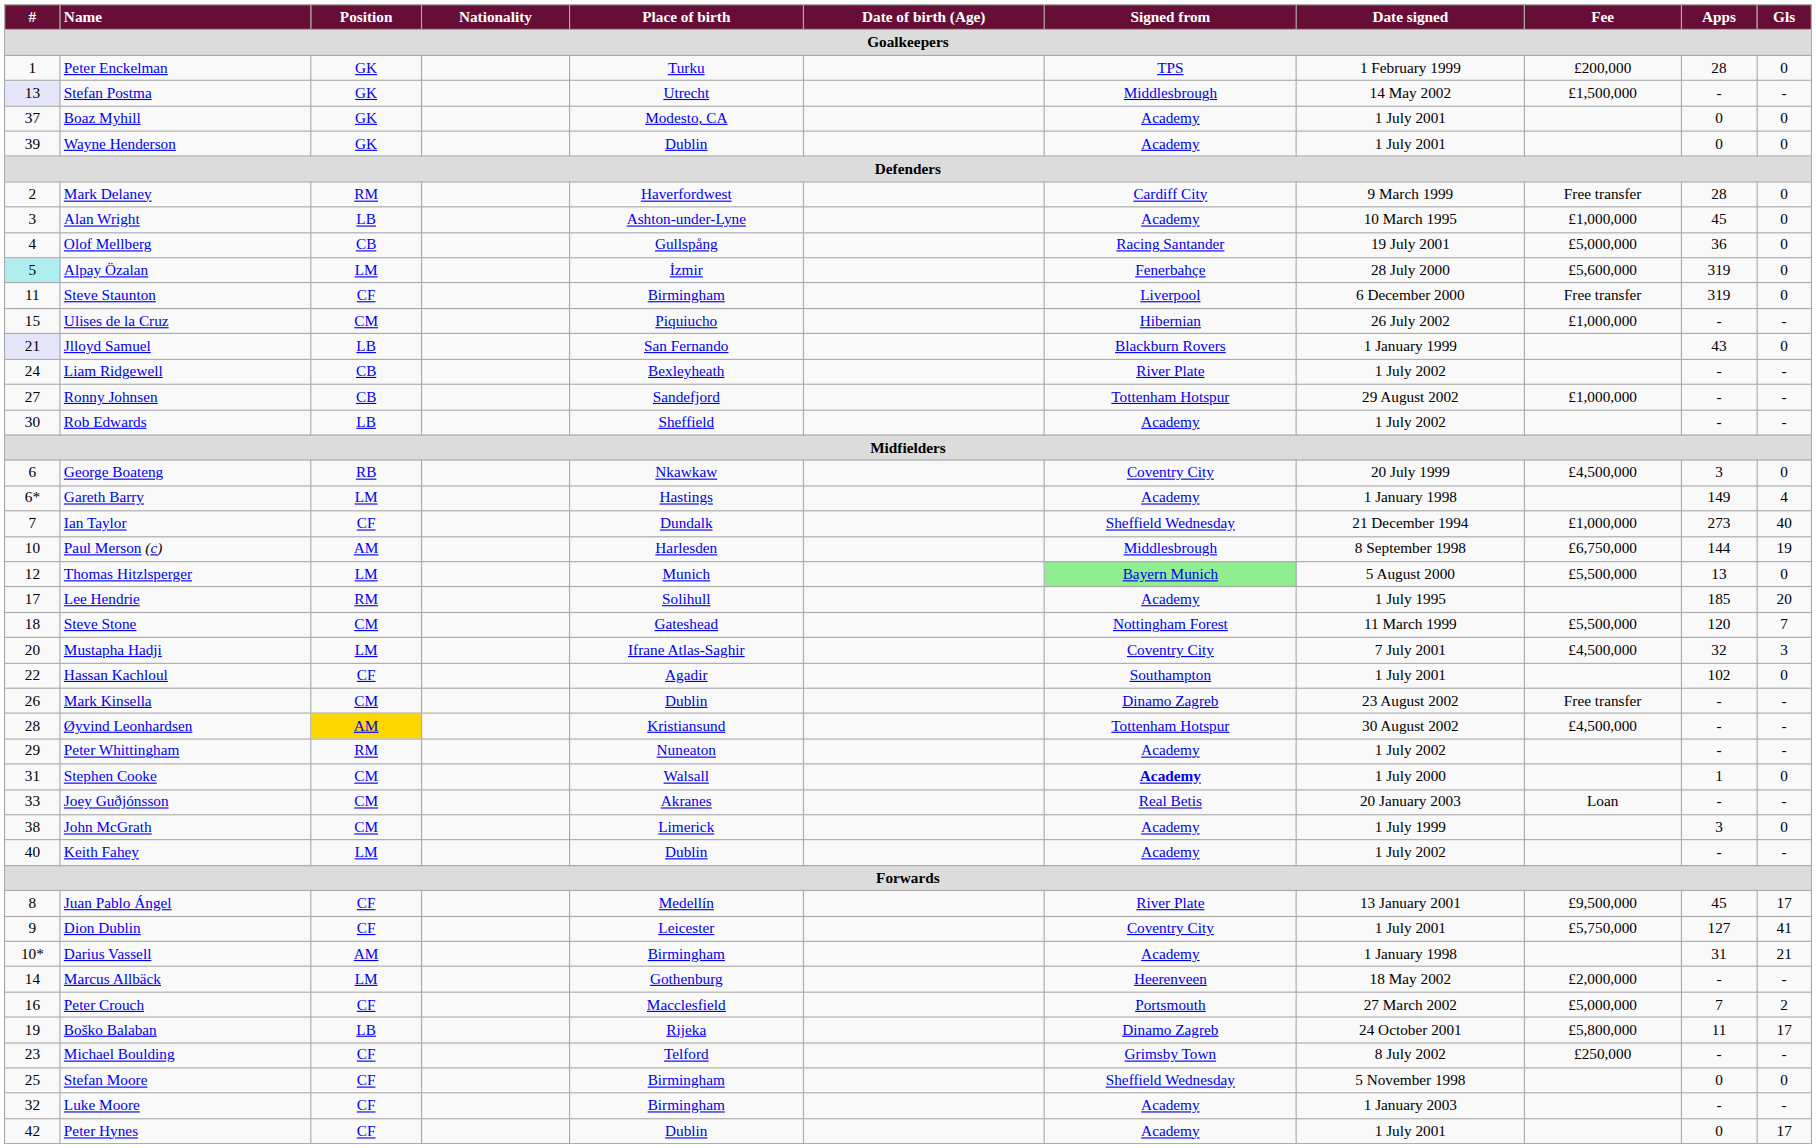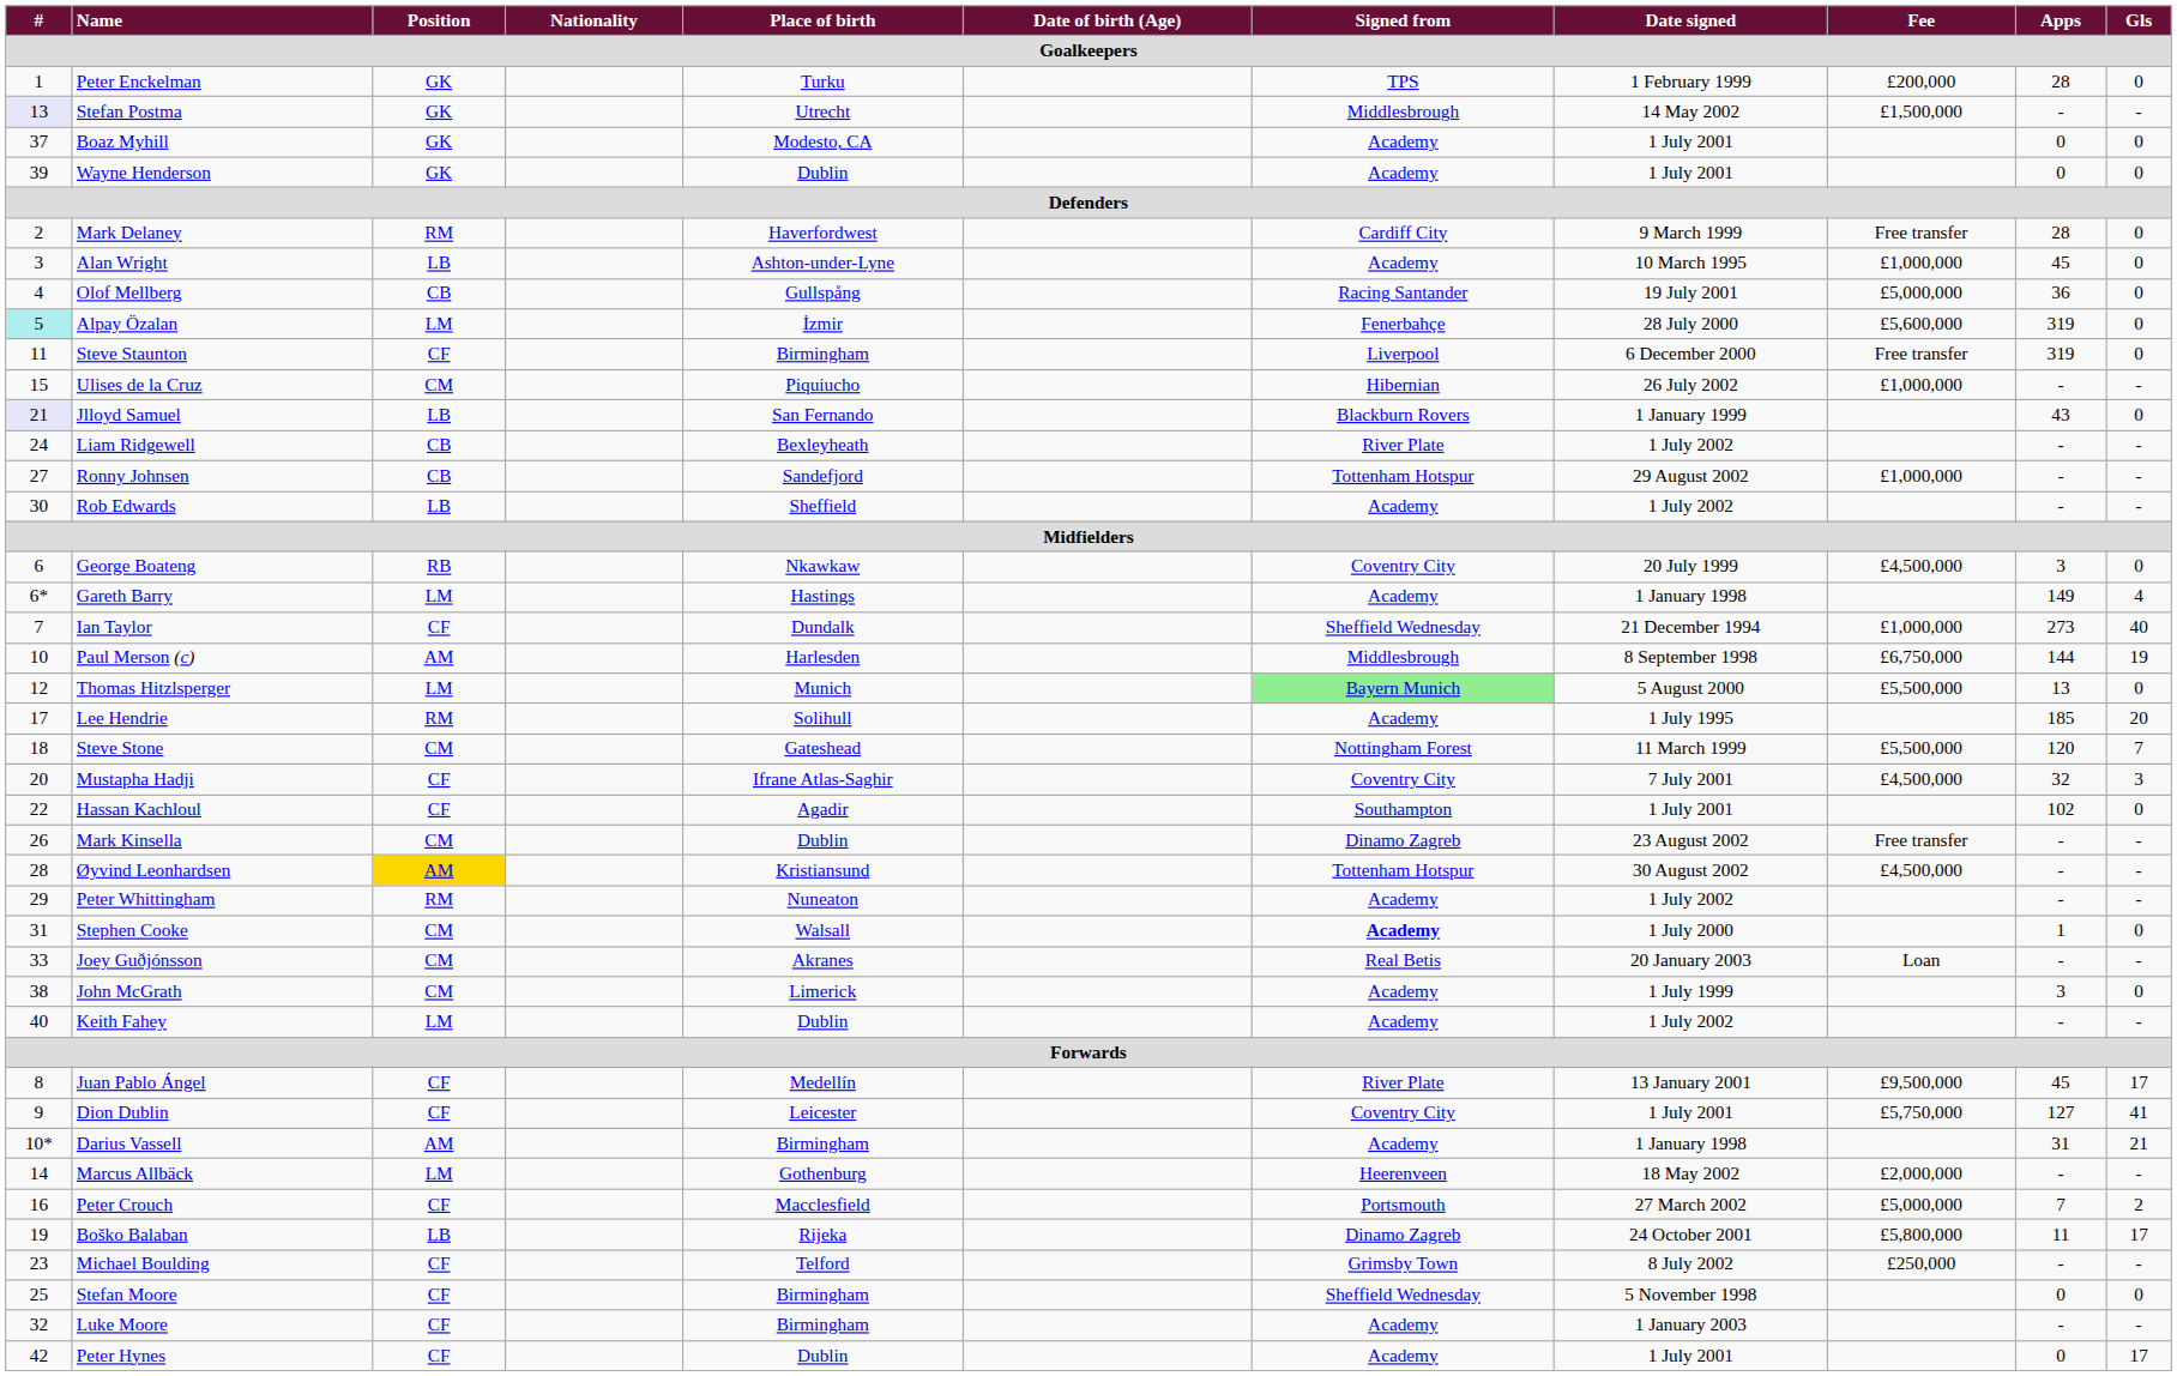 <table class="wikitable" style="text-align:center; font-size:84.5%; width:101%;">
 <tr>
 <th style="background:#670E36; color:#FFFFFF; text-align:center;">#</th>
 <th style="background:#670E36; color:#FFFFFF; text-align:left;">Name</th>
 <th style="background:#670E36; color:#FFFFFF; text-align:center;">Position</th>
 <th style="background:#670E36; color:#FFFFFF; text-align:center;">Nationality</th>
 <th style="background:#670E36; color:#FFFFFF; text-align:center;">Place of birth</th>
 <th style="background:#670E36; color:#FFFFFF; text-align:center;">Date of birth (Age)</th>
 <th style="background:#670E36; color:#FFFFFF; text-align:center;">Signed from</th>
 <th style="background:#670E36; color:#FFFFFF; text-align:center;">Date signed</th>
 <th style="background:#670E36; color:#FFFFFF; text-align:center;">Fee</th>
 <th style="background:#670E36; color:#FFFFFF; text-align:center;">Apps</th>
 <th style="background:#670E36; color:#FFFFFF; text-align:center;">Gls</th>
 </tr>
 <tr>
 <th colspan="11" style="background:#dcdcdc; tepxt-align:center;">Goalkeepers</th>
 </tr>
 <tr>
 <td>1</td>
 <td style="text-align:left;"><a href='#'>Peter Enckelman</a></td>
 <td><a href='#'>GK</a></td>
 <td></td>
 <td><a href='#'>Turku</a></td>
 <td></td>
 <td> <a href='#'>TPS</a></td>
 <td>1 February 1999</td>
 <td>£200,000</td>
 <td>28</td>
 <td>0</td>
 </tr>
 <tr>
 <td style="background: lavender;">13</td>
 <td style="text-align:left;"><a href='#'>Stefan Postma</a></td>
 <td><a href='#'>GK</a></td>
 <td></td>
 <td><a href='#'>Utrecht</a></td>
 <td></td>
 <td><a href='#'>Middlesbrough</a></td>
 <td>14 May 2002</td>
 <td>£1,500,000</td>
 <td>-</td>
 <td>-</td>
 </tr>
 <tr>
 <td>37</td>
 <td style="text-align:left;"><a href='#'>Boaz Myhill</a></td>
 <td><a href='#'>GK</a></td>
 <td></td>
 <td> <a href='#'>Modesto, CA</a></td>
 <td></td>
 <td><a href='#'>Academy</a></td>
 <td>1 July 2001</td>
 <td></td>
 <td>0</td>
 <td>0</td>
 </tr>
 <tr>
 <td>39</td>
 <td style="text-align:left;"><a href='#'>Wayne Henderson</a></td>
 <td><a href='#'>GK</a></td>
 <td></td>
 <td><a href='#'>Dublin</a></td>
 <td></td>
 <td><a href='#'>Academy</a></td>
 <td>1 July 2001</td>
 <td></td>
 <td>0</td>
 <td>0</td>
 </tr>
 <tr>
 <th colspan="11" style="background:#dcdcdc; tepxt-align:center;">Defenders</th>
 </tr>
 <tr>
 <td>2</td>
 <td style="text-align:left;"><a href='#'>Mark Delaney</a></td>
 <td><a href='#'>RM</a></td>
 <td></td>
 <td><a href='#'>Haverfordwest</a></td>
 <td></td>
 <td> <a href='#'>Cardiff City</a></td>
 <td>9 March 1999</td>
 <td>Free transfer</td>
 <td>28</td>
 <td>0</td>
 </tr>
 <tr>
 <td>3</td>
 <td style="text-align:left;"><a href='#'>Alan Wright</a></td>
 <td><a href='#'>LB</a></td>
 <td></td>
 <td><a href='#'>Ashton-under-Lyne</a></td>
 <td></td>
 <td><a href='#'>Academy</a></td>
 <td>10 March 1995</td>
 <td>£1,000,000</td>
 <td>45</td>
 <td>0</td>
 </tr>
 <tr>
 <td>4</td>
 <td style="text-align:left;"><a href='#'>Olof Mellberg</a></td>
 <td><a href='#'>CB</a></td>
 <td></td>
 <td><a href='#'>Gullspång</a></td>
 <td></td>
 <td> <a href='#'>Racing Santander</a></td>
 <td>19 July 2001</td>
 <td>£5,000,000</td>
 <td>36</td>
 <td>0</td>
 </tr>
 <tr>
 <td style="background: paleturquoise;">5</td>
 <td style="text-align:left;"><a href='#'>Alpay Özalan</a></td>
 <td><a href='#'>LM</a></td>
 <td></td>
 <td><a href='#'>İzmir</a></td>
 <td></td>
 <td> <a href='#'>Fenerbahçe</a></td>
 <td>28 July 2000</td>
 <td>£5,600,000</td>
 <td>319</td>
 <td>0</td>
 </tr>
 <tr>
 <td>11</td>
 <td style="text-align:left;"><a href='#'>Steve Staunton</a></td>
 <td><a href='#'>CF</a></td>
 <td></td>
 <td><a href='#'>Birmingham</a></td>
 <td></td>
 <td><a href='#'>Liverpool</a></td>
 <td>6 December 2000</td>
 <td>Free transfer</td>
 <td>319</td>
 <td>0</td>
 </tr>
 <tr>
 <td>15</td>
 <td style="text-align:left;"><a href='#'>Ulises de la Cruz</a></td>
 <td><a href='#'>CM</a></td>
 <td></td>
 <td><a href='#'>Piquiucho</a></td>
 <td></td>
 <td> <a href='#'>Hibernian</a></td>
 <td>26 July 2002</td>
 <td>£1,000,000</td>
 <td>-</td>
 <td>-</td>
 </tr>
 <tr>
 <td style="background: lavender;">21</td>
 <td style="text-align:left;"><a href='#'>Jlloyd Samuel</a></td>
 <td><a href='#'>LB</a></td>
 <td></td>
 <td><a href='#'>San Fernando</a></td>
 <td></td>
 <td><a href='#'>Blackburn Rovers</a></td>
 <td>1 January 1999</td>
 <td></td>
 <td>43</td>
 <td>0</td>
 </tr>
 <tr>
 <td>24</td>
 <td style="text-align:left;"><a href='#'>Liam Ridgewell</a></td>
 <td><a href='#'>CB</a></td>
 <td></td>
 <td><a href='#'>Bexleyheath</a></td>
 <td></td>
 <td> <a href='#'>River Plate</a></td>
 <td>1 July 2002</td>
 <td></td>
 <td>-</td>
 <td>-</td>
 </tr>
 <tr>
 <td>27</td>
 <td style="text-align:left;"><a href='#'>Ronny Johnsen</a></td>
 <td><a href='#'>CB</a></td>
 <td></td>
 <td><a href='#'>Sandefjord</a></td>
 <td></td>
 <td><a href='#'>Tottenham Hotspur</a></td>
 <td>29 August 2002</td>
 <td>£1,000,000</td>
 <td>-</td>
 <td>-</td>
 </tr>
 <tr>
 <td>30</td>
 <td style="text-align:left;"><a href='#'>Rob Edwards</a></td>
 <td><a href='#'>LB</a></td>
 <td></td>
 <td><a href='#'>Sheffield</a></td>
 <td></td>
 <td><a href='#'>Academy</a></td>
 <td>1 July 2002</td>
 <td></td>
 <td>-</td>
 <td>-</td>
 </tr>
 <tr>
 <th colspan="11" style="background:#dcdcdc; tepxt-align:center;">Midfielders</th>
 </tr>
 <tr>
 <td>6</td>
 <td style="text-align:left;"><a href='#'>George Boateng</a></td>
 <td><a href='#'>RB</a></td>
 <td></td>
 <td> <a href='#'>Nkawkaw</a></td>
 <td></td>
 <td><a href='#'>Coventry City</a></td>
 <td>20 July 1999</td>
 <td>£4,500,000</td>
 <td>3</td>
 <td>0</td>
 </tr>
 <tr>
 <td>6*</td>
 <td style="text-align:left;"><a href='#'>Gareth Barry</a></td>
 <td><a href='#'>LM</a></td>
 <td></td>
 <td><a href='#'>Hastings</a></td>
 <td></td>
 <td><a href='#'>Academy</a></td>
 <td>1 January 1998</td>
 <td></td>
 <td>149</td>
 <td>4</td>
 </tr>
 <tr>
 <td>7</td>
 <td style="text-align:left;"><a href='#'>Ian Taylor</a></td>
 <td><a href='#'>CF</a></td>
 <td></td>
 <td><a href='#'>Dundalk</a></td>
 <td></td>
 <td><a href='#'>Sheffield Wednesday</a></td>
 <td>21 December 1994</td>
 <td>£1,000,000</td>
 <td>273</td>
 <td>40</td>
 </tr>
 <tr>
 <td>10</td>
 <td style="text-align:left;"><a href='#'>Paul Merson</a> <em>(<a href='#'>c</a>)</em></td>
 <td><a href='#'>AM</a></td>
 <td></td>
 <td><a href='#'>Harlesden</a></td>
 <td></td>
 <td><a href='#'>Middlesbrough</a></td>
 <td>8 September 1998</td>
 <td>£6,750,000</td>
 <td>144</td>
 <td>19</td>
 </tr>
 <tr>
 <td>12</td>
 <td style="text-align:left;"><a href='#'>Thomas Hitzlsperger</a></td>
 <td><a href='#'>LM</a></td>
 <td></td>
 <td><a href='#'>Munich</a></td>
 <td></td>
 <td style="background: lightgreen;"> <a href='#'>Bayern Munich</a></td>
 <td>5 August 2000</td>
 <td>£5,500,000</td>
 <td>13</td>
 <td>0</td>
 </tr>
 <tr>
 <td>17</td>
 <td style="text-align:left;"><a href='#'>Lee Hendrie</a></td>
 <td><a href='#'>RM</a></td>
 <td></td>
 <td><a href='#'>Solihull</a></td>
 <td></td>
 <td><a href='#'>Academy</a></td>
 <td>1 July 1995</td>
 <td></td>
 <td>185</td>
 <td>20</td>
 </tr>
 <tr>
 <td>18</td>
 <td style="text-align:left;"><a href='#'>Steve Stone</a></td>
 <td><a href='#'>CM</a></td>
 <td></td>
 <td><a href='#'>Gateshead</a></td>
 <td></td>
 <td><a href='#'>Nottingham Forest</a></td>
 <td>11 March 1999</td>
 <td>£5,500,000</td>
 <td>120</td>
 <td>7</td>
 </tr>
 <tr>
 <td>20</td>
 <td style="text-align:left;"><a href='#'>Mustapha Hadji</a></td>
-<td><a href='#'>LM</a></td>
+<td><a href='#'>CF</a></td>
 <td></td>
 <td><a href='#'>Ifrane Atlas-Saghir</a></td>
 <td></td>
 <td><a href='#'>Coventry City</a></td>
 <td>7 July 2001</td>
 <td>£4,500,000</td>
 <td>32</td>
 <td>3</td>
 </tr>
 <tr>
 <td>22</td>
 <td style="text-align:left;"><a href='#'>Hassan Kachloul</a></td>
 <td><a href='#'>CF</a></td>
 <td></td>
 <td><a href='#'>Agadir</a></td>
 <td></td>
 <td><a href='#'>Southampton</a></td>
 <td>1 July 2001</td>
 <td></td>
 <td>102</td>
 <td>0</td>
 </tr>
 <tr>
 <td>26</td>
 <td style="text-align:left;"><a href='#'>Mark Kinsella</a></td>
 <td><a href='#'>CM</a></td>
 <td></td>
 <td><a href='#'>Dublin</a></td>
 <td></td>
 <td> <a href='#'>Dinamo Zagreb</a></td>
 <td>23 August 2002</td>
 <td>Free transfer</td>
 <td>-</td>
 <td>-</td>
 </tr>
 <tr>
 <td>28</td>
 <td style="text-align:left;"><a href='#'>Øyvind Leonhardsen</a></td>
 <td style="background: gold;"><a href='#'>AM</a></td>
 <td></td>
 <td><a href='#'>Kristiansund</a></td>
 <td></td>
 <td><a href='#'>Tottenham Hotspur</a></td>
 <td>30 August 2002</td>
 <td>£4,500,000</td>
 <td>-</td>
 <td>-</td>
 </tr>
 <tr>
 <td>29</td>
 <td style="text-align:left;"><a href='#'>Peter Whittingham</a></td>
 <td><a href='#'>RM</a></td>
 <td></td>
 <td><a href='#'>Nuneaton</a></td>
 <td></td>
 <td><a href='#'>Academy</a></td>
 <td>1 July 2002</td>
 <td></td>
 <td>-</td>
 <td>-</td>
 </tr>
 <tr>
 <td>31</td>
 <td style="text-align:left;"><a href='#'>Stephen Cooke</a></td>
 <td><a href='#'>CM</a></td>
 <td></td>
 <td><a href='#'>Walsall</a></td>
 <td></td>
 <td><strong><a href='#'>Academy</a></strong></td>
 <td>1 July 2000</td>
 <td></td>
 <td>1</td>
 <td>0</td>
 </tr>
 <tr>
 <td>33</td>
 <td style="text-align:left;"><a href='#'>Joey Guðjónsson</a></td>
 <td><a href='#'>CM</a></td>
 <td></td>
 <td><a href='#'>Akranes</a></td>
 <td></td>
 <td> <a href='#'>Real Betis</a></td>
 <td>20 January 2003</td>
 <td>Loan</td>
 <td>-</td>
 <td>-</td>
 </tr>
 <tr>
 <td>38</td>
 <td style="text-align:left;"><a href='#'>John McGrath</a></td>
 <td><a href='#'>CM</a></td>
 <td></td>
 <td><a href='#'>Limerick</a></td>
 <td></td>
 <td><a href='#'>Academy</a></td>
 <td>1 July 1999</td>
 <td></td>
 <td>3</td>
 <td>0</td>
 </tr>
 <tr>
 <td>40</td>
 <td style="text-align:left;"><a href='#'>Keith Fahey</a></td>
 <td><a href='#'>LM</a></td>
 <td></td>
 <td><a href='#'>Dublin</a></td>
 <td></td>
 <td><a href='#'>Academy</a></td>
 <td>1 July 2002</td>
 <td></td>
 <td>-</td>
 <td>-</td>
 </tr>
 <tr>
 <th colspan="11" style="background:#dcdcdc; tepxt-align:center;">Forwards</th>
 </tr>
 <tr>
 <td>8</td>
 <td style="text-align:left;"><a href='#'>Juan Pablo Ángel</a></td>
 <td><a href='#'>CF</a></td>
 <td></td>
 <td><a href='#'>Medellín</a></td>
 <td></td>
 <td> <a href='#'>River Plate</a></td>
 <td>13 January 2001</td>
 <td>£9,500,000</td>
 <td>45</td>
 <td>17</td>
 </tr>
 <tr>
 <td>9</td>
 <td style="text-align:left;"><a href='#'>Dion Dublin</a></td>
 <td><a href='#'>CF</a></td>
 <td></td>
 <td><a href='#'>Leicester</a></td>
 <td></td>
 <td><a href='#'>Coventry City</a></td>
 <td>1 July 2001</td>
 <td>£5,750,000</td>
 <td>127</td>
 <td>41</td>
 </tr>
 <tr>
 <td>10*</td>
 <td style="text-align:left;"><a href='#'>Darius Vassell</a></td>
 <td><a href='#'>AM</a></td>
 <td></td>
 <td><a href='#'>Birmingham</a></td>
 <td></td>
 <td><a href='#'>Academy</a></td>
 <td>1 January 1998</td>
 <td></td>
 <td>31</td>
 <td>21</td>
 </tr>
 <tr>
 <td>14</td>
 <td style="text-align:left;"><a href='#'>Marcus Allbäck</a></td>
 <td><a href='#'>LM</a></td>
 <td></td>
 <td><a href='#'>Gothenburg</a></td>
 <td></td>
 <td> <a href='#'>Heerenveen</a></td>
 <td>18 May 2002</td>
 <td>£2,000,000</td>
 <td>-</td>
 <td>-</td>
 </tr>
 <tr>
 <td>16</td>
 <td style="text-align:left;"><a href='#'>Peter Crouch</a></td>
 <td><a href='#'>CF</a></td>
 <td></td>
 <td><a href='#'>Macclesfield</a></td>
 <td></td>
 <td><a href='#'>Portsmouth</a></td>
 <td>27 March 2002</td>
 <td>£5,000,000</td>
 <td>7</td>
 <td>2</td>
 </tr>
 <tr>
 <td>19</td>
 <td style="text-align:left;"><a href='#'>Boško Balaban</a></td>
 <td><a href='#'>LB</a></td>
 <td></td>
 <td><a href='#'>Rijeka</a></td>
 <td></td>
 <td> <a href='#'>Dinamo Zagreb</a></td>
 <td>24 October 2001</td>
 <td>£5,800,000</td>
 <td>11</td>
 <td>17</td>
 </tr>
 <tr>
 <td>23</td>
 <td style="text-align:left;"><a href='#'>Michael Boulding</a></td>
 <td><a href='#'>CF</a></td>
 <td></td>
 <td> <a href='#'>Telford</a></td>
 <td></td>
 <td><a href='#'>Grimsby Town</a></td>
 <td>8 July 2002</td>
 <td>£250,000</td>
 <td>-</td>
 <td>-</td>
 </tr>
 <tr>
 <td>25</td>
 <td style="text-align:left;"><a href='#'>Stefan Moore</a></td>
 <td><a href='#'>CF</a></td>
 <td></td>
 <td><a href='#'>Birmingham</a></td>
 <td></td>
 <td><a href='#'>Sheffield Wednesday</a></td>
 <td>5 November 1998</td>
 <td></td>
 <td>0</td>
 <td>0</td>
 </tr>
 <tr>
 <td>32</td>
 <td style="text-align:left;"><a href='#'>Luke Moore</a></td>
 <td><a href='#'>CF</a></td>
 <td></td>
 <td><a href='#'>Birmingham</a></td>
 <td></td>
 <td><a href='#'>Academy</a></td>
 <td>1 January 2003</td>
 <td></td>
 <td>-</td>
 <td>-</td>
 </tr>
 <tr>
 <td>42</td>
 <td style="text-align:left;"><a href='#'>Peter Hynes</a></td>
 <td><a href='#'>CF</a></td>
 <td></td>
 <td><a href='#'>Dublin</a></td>
 <td></td>
 <td><a href='#'>Academy</a></td>
 <td>1 July 2001</td>
 <td></td>
 <td>0</td>
 <td>17</td>
 </tr>
 </table>
